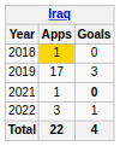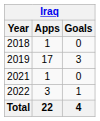 <table class="wikitable" style="text-align:center">
 <tr>
 <th colspan=3><a href='#'>Iraq</a></th>
 </tr>
 <tr>
 <th>Year</th>
 <th>Apps</th>
 <th>Goals</th>
 </tr>
 <tr>
 <td>2018</td>
-<td style="background: gold;">1</td>
+<td>1</td>
 <td>0</td>
 </tr>
 <tr>
 <td>2019</td>
 <td>17</td>
 <td>3</td>
 </tr>
 <tr>
 <td>2021</td>
 <td>1</td>
-<td><strong>0</strong></td>
+<td>0</td>
 </tr>
 <tr>
 <td>2022</td>
 <td>3</td>
 <td>1</td>
 </tr>
 <tr>
 <th>Total</th>
 <th>22</th>
 <th>4</th>
 </tr>
 </table>
